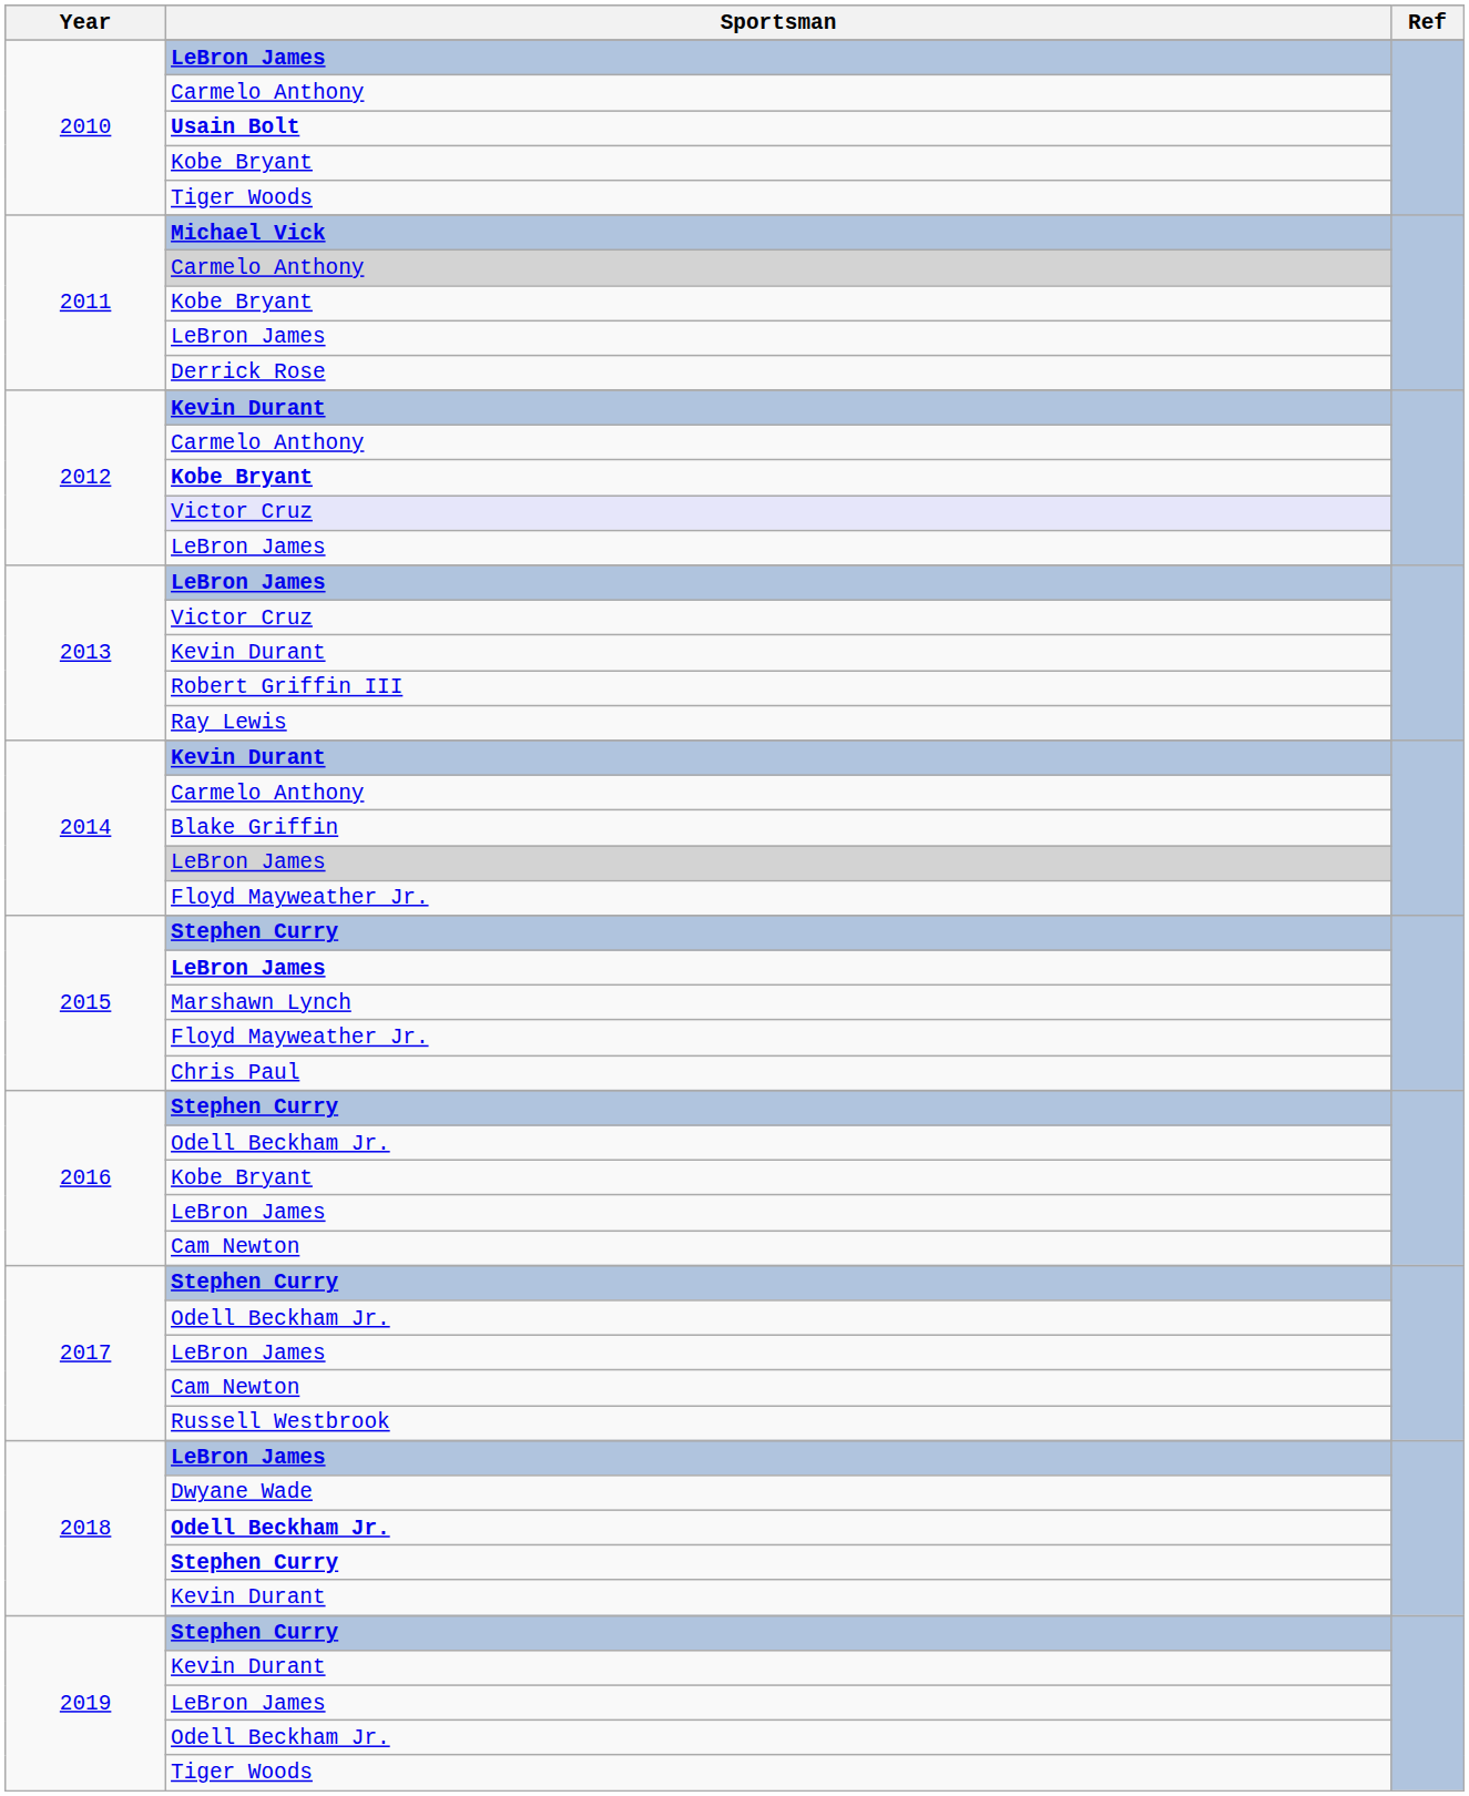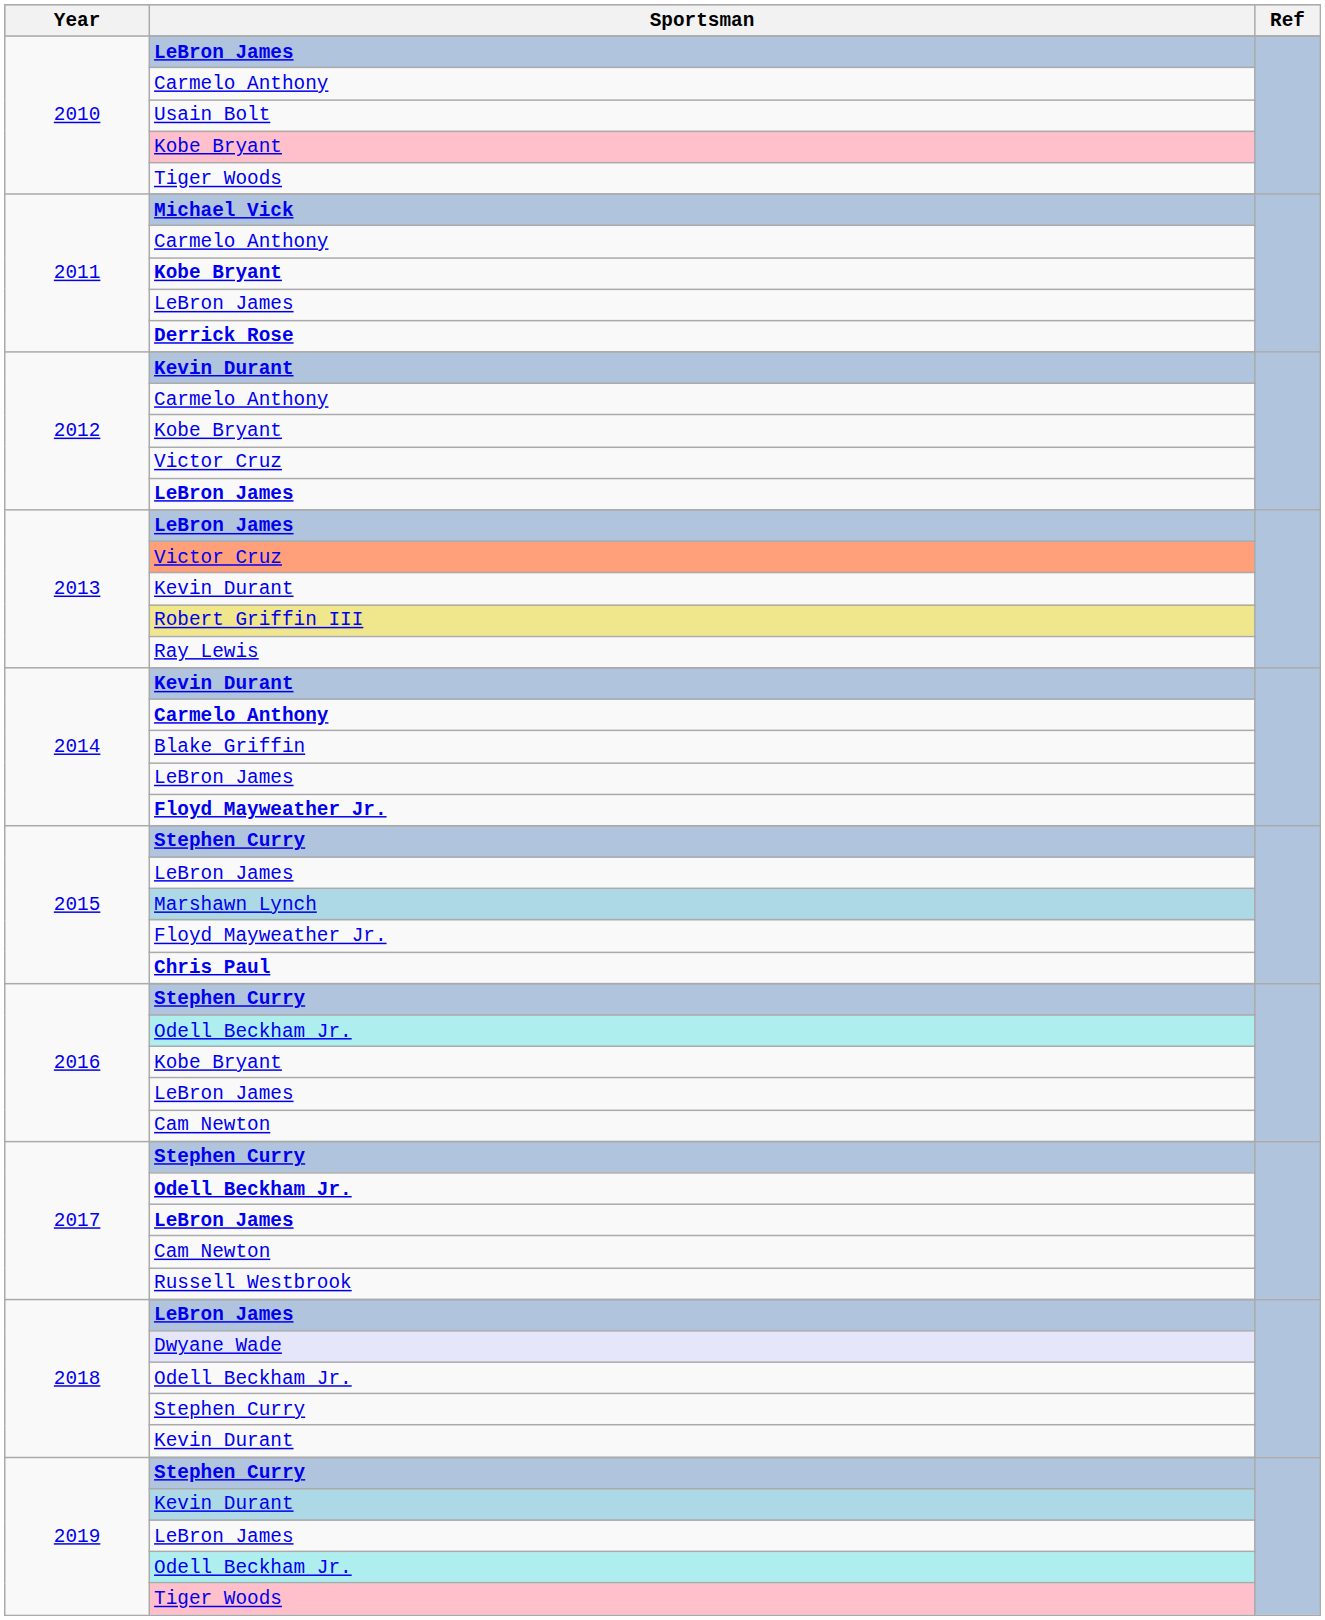 <table class="wikitable" style="width:100%;">
 <tr style="background:#bebebe;">
 <th style="width:11%;">Year</th>
 <th style="width:84%;">Sportsman</th>
 <th style="width:5%;">Ref</th>
 </tr>
 <tr>
 <td rowspan="6" align="center"><a href='#'>2010</a></td>
 </tr>
 <tr style="background:#B0C4DE">
 <td><strong><a href='#'>LeBron James</a></strong></td>
 <td rowspan="6" align="center"></td>
 </tr>
 <tr>
 <td><a href='#'>Carmelo Anthony</a></td>
 </tr>
 <tr>
-<td><strong><a href='#'>Usain Bolt</a></strong></td>
+<td><a href='#'>Usain Bolt</a></td>
 </tr>
 <tr>
-<td><a href='#'>Kobe Bryant</a></td>
+<td style="background: pink;"><a href='#'>Kobe Bryant</a></td>
 </tr>
 <tr>
 <td><a href='#'>Tiger Woods</a></td>
 </tr>
 <tr>
 <td rowspan="6" align="center"><a href='#'>2011</a></td>
 </tr>
 <tr style="background:#B0C4DE">
 <td><strong><a href='#'>Michael Vick</a></strong></td>
 <td rowspan="6" align="center"></td>
 </tr>
 <tr>
-<td style="background: lightgrey;"><a href='#'>Carmelo Anthony</a></td>
+<td><a href='#'>Carmelo Anthony</a></td>
 </tr>
 <tr>
-<td><a href='#'>Kobe Bryant</a></td>
+<td><strong><a href='#'>Kobe Bryant</a></strong></td>
 </tr>
 <tr>
 <td><a href='#'>LeBron James</a></td>
 </tr>
 <tr>
-<td><a href='#'>Derrick Rose</a></td>
+<td><strong><a href='#'>Derrick Rose</a></strong></td>
 </tr>
 <tr>
 <td rowspan="6" align="center"><a href='#'>2012</a></td>
 </tr>
 <tr style="background:#B0C4DE">
 <td><strong><a href='#'>Kevin Durant</a></strong></td>
 <td rowspan="6" align="center"></td>
 </tr>
 <tr>
 <td><a href='#'>Carmelo Anthony</a></td>
 </tr>
 <tr>
-<td><strong><a href='#'>Kobe Bryant</a></strong></td>
+<td><a href='#'>Kobe Bryant</a></td>
 </tr>
 <tr>
-<td style="background: lavender;"><a href='#'>Victor Cruz</a></td>
+<td><a href='#'>Victor Cruz</a></td>
 </tr>
 <tr>
-<td><a href='#'>LeBron James</a></td>
+<td><strong><a href='#'>LeBron James</a></strong></td>
 </tr>
 <tr>
 <td rowspan="6" align="center"><a href='#'>2013</a></td>
 </tr>
 <tr style="background:#B0C4DE">
 <td><strong><a href='#'>LeBron James</a></strong></td>
 <td rowspan="6" align="center"></td>
 </tr>
 <tr>
-<td><a href='#'>Victor Cruz</a></td>
+<td style="background: lightsalmon;"><a href='#'>Victor Cruz</a></td>
 </tr>
 <tr>
 <td><a href='#'>Kevin Durant</a></td>
 </tr>
 <tr>
-<td><a href='#'>Robert Griffin III</a></td>
+<td style="background: khaki;"><a href='#'>Robert Griffin III</a></td>
 </tr>
 <tr>
 <td><a href='#'>Ray Lewis</a></td>
 </tr>
 <tr>
 <td rowspan="6" align="center"><a href='#'>2014</a></td>
 </tr>
 <tr style="background:#B0C4DE">
 <td><strong><a href='#'>Kevin Durant</a></strong></td>
 <td rowspan="6" align="center"></td>
 </tr>
 <tr>
-<td><a href='#'>Carmelo Anthony</a></td>
+<td><strong><a href='#'>Carmelo Anthony</a></strong></td>
 </tr>
 <tr>
 <td><a href='#'>Blake Griffin</a></td>
 </tr>
 <tr>
-<td style="background: lightgrey;"><a href='#'>LeBron James</a></td>
+<td><a href='#'>LeBron James</a></td>
 </tr>
 <tr>
-<td><a href='#'>Floyd Mayweather Jr.</a></td>
+<td><strong><a href='#'>Floyd Mayweather Jr.</a></strong></td>
 </tr>
 <tr>
 <td rowspan="6" align="center"><a href='#'>2015</a></td>
 </tr>
 <tr style="background:#B0C4DE">
 <td><strong><a href='#'>Stephen Curry</a></strong></td>
 <td rowspan="6" align="center"></td>
 </tr>
 <tr>
-<td><strong><a href='#'>LeBron James</a></strong></td>
+<td><a href='#'>LeBron James</a></td>
 </tr>
 <tr>
-<td><a href='#'>Marshawn Lynch</a></td>
+<td style="background: lightblue;"><a href='#'>Marshawn Lynch</a></td>
 </tr>
 <tr>
 <td><a href='#'>Floyd Mayweather Jr.</a></td>
 </tr>
 <tr>
-<td><a href='#'>Chris Paul</a></td>
+<td><strong><a href='#'>Chris Paul</a></strong></td>
 </tr>
 <tr>
 <td rowspan="6" align="center"><a href='#'>2016</a></td>
 </tr>
 <tr style="background:#B0C4DE">
 <td><strong><a href='#'>Stephen Curry</a></strong></td>
 <td rowspan="6" align="center"></td>
 </tr>
 <tr>
-<td><a href='#'>Odell Beckham Jr.</a></td>
+<td style="background: paleturquoise;"><a href='#'>Odell Beckham Jr.</a></td>
 </tr>
 <tr>
 <td><a href='#'>Kobe Bryant</a></td>
 </tr>
 <tr>
 <td><a href='#'>LeBron James</a></td>
 </tr>
 <tr>
 <td><a href='#'>Cam Newton</a></td>
 </tr>
 <tr>
 <td rowspan="6" align="center"><a href='#'>2017</a></td>
 </tr>
 <tr style="background:#B0C4DE">
 <td><strong><a href='#'>Stephen Curry</a></strong></td>
 <td rowspan="6" align="center"></td>
 </tr>
 <tr>
-<td><a href='#'>Odell Beckham Jr.</a></td>
+<td><strong><a href='#'>Odell Beckham Jr.</a></strong></td>
 </tr>
 <tr>
-<td><a href='#'>LeBron James</a></td>
+<td><strong><a href='#'>LeBron James</a></strong></td>
 </tr>
 <tr>
 <td><a href='#'>Cam Newton</a></td>
 </tr>
 <tr>
 <td><a href='#'>Russell Westbrook</a></td>
 </tr>
 <tr>
 <td rowspan="6" align="center"><a href='#'>2018</a></td>
 </tr>
 <tr style="background:#B0C4DE">
 <td><strong><a href='#'>LeBron James</a></strong></td>
 <td rowspan="6" align="center"></td>
 </tr>
 <tr>
-<td><a href='#'>Dwyane Wade</a></td>
+<td style="background: lavender;"><a href='#'>Dwyane Wade</a></td>
 </tr>
 <tr>
-<td><strong><a href='#'>Odell Beckham Jr.</a></strong></td>
+<td><a href='#'>Odell Beckham Jr.</a></td>
 </tr>
 <tr>
-<td><strong><a href='#'>Stephen Curry</a></strong></td>
+<td><a href='#'>Stephen Curry</a></td>
 </tr>
 <tr>
 <td><a href='#'>Kevin Durant</a></td>
 </tr>
 <tr>
 <td rowspan="6" align="center"><a href='#'>2019</a></td>
 </tr>
 <tr style="background:#B0C4DE">
 <td><strong><a href='#'>Stephen Curry</a></strong></td>
 <td rowspan="6" align="center"></td>
 </tr>
 <tr>
-<td><a href='#'>Kevin Durant</a></td>
+<td style="background: lightblue;"><a href='#'>Kevin Durant</a></td>
 </tr>
 <tr>
 <td><a href='#'>LeBron James</a></td>
 </tr>
 <tr>
-<td><a href='#'>Odell Beckham Jr.</a></td>
+<td style="background: paleturquoise;"><a href='#'>Odell Beckham Jr.</a></td>
 </tr>
 <tr>
-<td><a href='#'>Tiger Woods</a></td>
+<td style="background: pink;"><a href='#'>Tiger Woods</a></td>
 </tr>
 </table>
